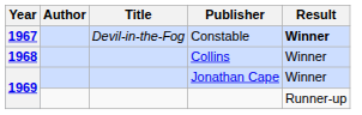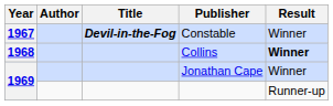 <table class="wikitable sortable mw-collapsible">
 <tr>
 <th>Year</th>
 <th>Author</th>
 <th>Title</th>
 <th>Publisher</th>
 <th>Result</th>
 </tr>
 <tr style="background:#cddeff">
 <th><a href='#'>1967</a></th>
 <td></td>
-<td><em>Devil-in-the-Fog</em></td>
+<td><strong><em>Devil-in-the-Fog</em></strong></td>
 <td>Constable</td>
-<td><strong>Winner</strong></td>
+<td>Winner</td>
 </tr>
 <tr style="background:#cddeff">
 <th><a href='#'>1968</a></th>
 <td></td>
 <td><em></em></td>
 <td><a href='#'>Collins</a></td>
-<td>Winner</td>
+<td><strong>Winner</strong></td>
 </tr>
 <tr style="background:#cddeff">
 <th rowspan="2"><a href='#'>1969</a></th>
 <td></td>
 <td><em></em></td>
 <td><a href='#'>Jonathan Cape</a></td>
 <td>Winner</td>
 </tr>
 <tr>
 <td></td>
 <td></td>
 <td></td>
 <td>Runner-up</td>
 </tr>
 </table>
